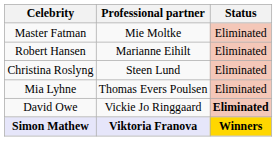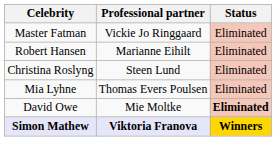 <table class= "wikitable sortable" style="text-align: center; margin:auto; align: center">
 <tr>
 <th>Celebrity</th>
 <th>Professional partner</th>
 <th>Status</th>
 </tr>
 <tr>
 <td>Master Fatman</td>
-<td>Mie Moltke</td>
+<td>Vickie Jo Ringgaard</td>
 <td style="background:#f4c7b8;">Eliminated</td>
 </tr>
 <tr>
 <td>Robert Hansen</td>
 <td>Marianne Eihilt</td>
 <td style="background:#f4c7b8;">Eliminated</td>
 </tr>
 <tr>
 <td>Christina Roslyng</td>
 <td>Steen Lund</td>
 <td style="background:#f4c7b8;">Eliminated</td>
 </tr>
 <tr>
 <td>Mia Lyhne</td>
 <td>Thomas Evers Poulsen</td>
 <td style="background:#f4c7b8;">Eliminated</td>
 </tr>
 <tr>
 <td>David Owe</td>
-<td>Vickie Jo Ringgaard</td>
+<td>Mie Moltke</td>
 <td style="background:#f4c7b8;"><strong>Eliminated</strong></td>
 </tr>
 <tr>
 <td style="background:lavender;"><strong>Simon Mathew</strong></td>
 <td style="background:lavender;"><strong>Viktoria Franova</strong></td>
 <td style="background:gold;"><strong>Winners</strong></td>
 </tr>
 </table>
